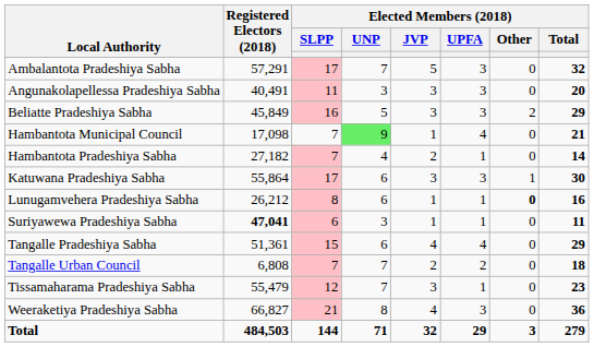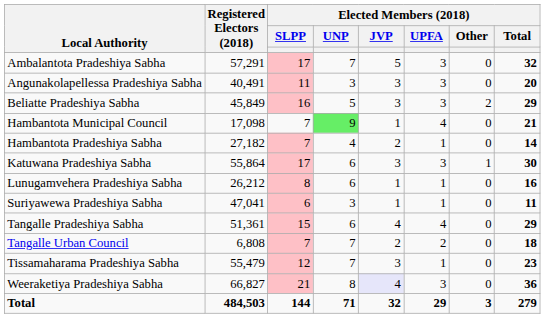 <table class="wikitable" border="1" style="text-align:right;">
 <tr>
 <th style="vertical-align:bottom;" rowspan=3>Local Authority</th>
 <th style="vertical-align:bottom;" rowspan=3>Registered<br>Electors<br>(2018)</th>
 <th colspan=6>Elected Members (2018)</th>
 </tr>
 <tr>
 <th style="width:50px;"><a href='#'>SLPP</a></th>
 <th style="width:50px;"><a href='#'>UNP</a></th>
 <th style="width:50px;"><a href='#'>JVP</a></th>
 <th style="width:50px;"><a href='#'>UPFA</a></th>
 <th style="width:50px;">Other</th>
 <th style="width:50px;">Total</th>
 </tr>
 <tr>
 <th style="background:"></th>
 <th style="background:"></th>
 <th style="background:"></th>
 <th style="background:"></th>
 <th></th>
 <th></th>
 </tr>
 <tr>
 <td align=left>Ambalantota Pradeshiya Sabha</td>
 <td>57,291</td>
 <td bgcolor="#FEC0C6">17</td>
 <td>7</td>
 <td>5</td>
 <td>3</td>
 <td>0</td>
 <td><strong>32</strong></td>
 </tr>
 <tr>
 <td align=left>Angunakolapellessa Pradeshiya Sabha</td>
 <td>40,491</td>
 <td bgcolor="#FEC0C6">11</td>
 <td>3</td>
 <td>3</td>
 <td>3</td>
 <td>0</td>
 <td><strong>20</strong></td>
 </tr>
 <tr>
 <td align=left>Beliatte Pradeshiya Sabha</td>
 <td>45,849</td>
 <td bgcolor="#FEC0C6">16</td>
 <td>5</td>
 <td>3</td>
 <td>3</td>
 <td>2</td>
 <td><strong>29</strong></td>
 </tr>
 <tr>
 <td align=left>Hambantota Municipal Council</td>
 <td>17,098</td>
 <td>7</td>
 <td bgcolor="#66EE66">9</td>
 <td>1</td>
 <td>4</td>
 <td>0</td>
 <td><strong>21</strong></td>
 </tr>
 <tr>
 <td align=left>Hambantota Pradeshiya Sabha</td>
 <td>27,182</td>
 <td bgcolor="#FEC0C6">7</td>
 <td>4</td>
 <td>2</td>
 <td>1</td>
 <td>0</td>
 <td><strong>14</strong></td>
 </tr>
 <tr>
 <td align=left>Katuwana Pradeshiya Sabha</td>
 <td>55,864</td>
 <td bgcolor="#FEC0C6">17</td>
 <td>6</td>
 <td>3</td>
 <td>3</td>
 <td>1</td>
 <td><strong>30</strong></td>
 </tr>
 <tr>
 <td align=left>Lunugamvehera Pradeshiya Sabha</td>
 <td>26,212</td>
 <td bgcolor="#FEC0C6">8</td>
 <td>6</td>
 <td>1</td>
 <td>1</td>
-<td><strong>0</strong></td>
+<td>0</td>
 <td><strong>16</strong></td>
 </tr>
 <tr>
 <td align=left>Suriyawewa Pradeshiya Sabha</td>
-<td><strong>47,041</strong></td>
+<td>47,041</td>
 <td bgcolor="#FEC0C6">6</td>
 <td>3</td>
 <td>1</td>
 <td>1</td>
 <td>0</td>
 <td><strong>11</strong></td>
 </tr>
 <tr>
 <td align=left>Tangalle Pradeshiya Sabha</td>
 <td>51,361</td>
 <td bgcolor="#FEC0C6">15</td>
 <td>6</td>
 <td>4</td>
 <td>4</td>
 <td>0</td>
 <td><strong>29</strong></td>
 </tr>
 <tr>
 <td align=left><a href='#'>Tangalle Urban Council</a></td>
 <td>6,808</td>
 <td bgcolor="#FEC0C6">7</td>
 <td>7</td>
 <td>2</td>
 <td>2</td>
 <td>0</td>
 <td><strong>18</strong></td>
 </tr>
 <tr>
 <td align=left>Tissamaharama Pradeshiya Sabha</td>
 <td>55,479</td>
 <td bgcolor="#FEC0C6">12</td>
 <td>7</td>
 <td>3</td>
 <td>1</td>
 <td>0</td>
 <td><strong>23</strong></td>
 </tr>
 <tr>
 <td align=left>Weeraketiya Pradeshiya Sabha</td>
 <td>66,827</td>
 <td bgcolor="#FEC0C6">21</td>
 <td>8</td>
-<td>4</td>
+<td style="background: lavender;">4</td>
 <td>3</td>
 <td>0</td>
 <td><strong>36</strong></td>
 </tr>
 <tr style="font-weight:bold">
 <td align=left>Total</td>
 <td>484,503</td>
 <td>144</td>
 <td>71</td>
 <td>32</td>
 <td>29</td>
 <td>3</td>
 <td>279</td>
 </tr>
 </table>
